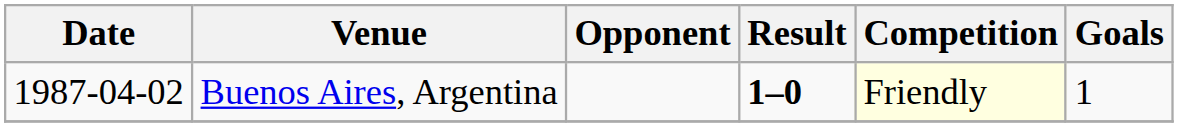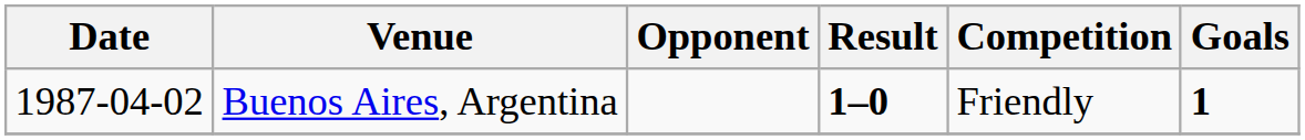 <table class="wikitable">
 <tr>
 <th>Date</th>
 <th>Venue</th>
 <th>Opponent</th>
 <th>Result</th>
 <th>Competition</th>
 <th>Goals</th>
 </tr>
 <tr>
 <td>1987-04-02</td>
 <td><a href='#'>Buenos Aires</a>, Argentina</td>
 <td></td>
 <td><strong>1–0</strong></td>
-<td style="background: lightyellow;">Friendly</td>
-<td>1</td>
+<td>Friendly</td>
+<td><strong>1</strong></td>
 </tr>
 <tr>
 </tr>
 </table>
